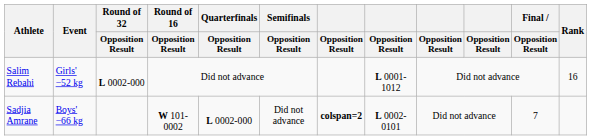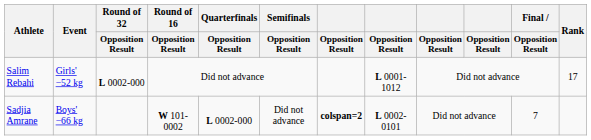 <table class="wikitable" style="font-size:90%">
 <tr>
 <th rowspan="2">Athlete</th>
 <th rowspan="2">Event</th>
 <th>Round of 32</th>
 <th>Round of 16</th>
 <th>Quarterfinals</th>
 <th>Semifinals</th>
 <th></th>
 <th></th>
 <th></th>
 <th></th>
 <th>Final / </th>
 <th rowspan=2>Rank</th>
 </tr>
 <tr style="font-size:95%">
 <th>Opposition<br>Result</th>
 <th>Opposition<br>Result</th>
 <th>Opposition<br>Result</th>
 <th>Opposition<br>Result</th>
 <th>Opposition<br>Result</th>
 <th>Opposition<br>Result</th>
 <th>Opposition<br>Result</th>
 <th>Opposition<br>Result</th>
 <th>Opposition<br>Result</th>
 </tr>
 <tr align=center>
 <td align=left><a href='#'>Salim Rebahi</a></td>
 <td align=left><a href='#'>Girls' −52 kg</a></td>
 <td><br><strong>L</strong> 0002-000</td>
 <td colspan=3>Did not advance</td>
 <td></td>
 <td><br><strong>L</strong> 0001-1012</td>
 <td colspan=3>Did not advance</td>
-<td>16</td>
+<td>17</td>
 </tr>
 <tr align=center>
 <td align=left><a href='#'>Sadjia Amrane</a></td>
 <td align=left><a href='#'>Boys' −66 kg</a></td>
 <td></td>
 <td><br><strong>W</strong> 101-0002</td>
 <td><br><strong>L</strong> 0002-000</td>
 <td>Did not advance</td>
 <td><strong>colspan=2 </strong></td>
 <td><br><strong>L</strong> 0002-0101</td>
 <td colspan=2>Did not advance</td>
 <td>7</td>
 </tr>
 </table>
